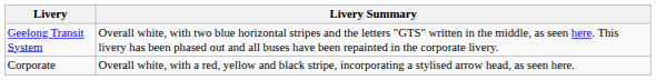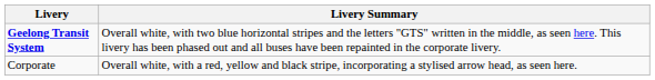 <table class="wikitable">
 <tr>
 <th>Livery</th>
 <th>Livery Summary</th>
 </tr>
 <tr>
-<td><a href='#'>Geelong Transit System</a></td>
+<td><strong><a href='#'>Geelong Transit System</a></strong></td>
 <td>Overall white, with two blue horizontal stripes and the letters "GTS" written in the middle, as seen <a href='#'>here</a>. This livery has been phased out and all buses have been repainted in the corporate livery.</td>
 </tr>
 <tr>
 <td>Corporate</td>
 <td>Overall white, with a red, yellow and black stripe, incorporating a stylised arrow head, as seen here.</td>
 </tr>
 </table>
